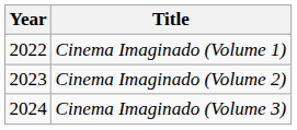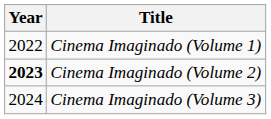 <table class="wikitable">
 <tr>
 <th>Year</th>
 <th>Title</th>
 </tr>
 <tr>
 <td>2022</td>
 <td><em>Cinema Imaginado (Volume 1)</em></td>
 </tr>
 <tr>
-<td>2023</td>
+<td><strong>2023</strong></td>
 <td><em>Cinema Imaginado (Volume 2)</em></td>
 </tr>
 <tr>
 <td>2024</td>
 <td><em>Cinema Imaginado (Volume 3)</em></td>
 </tr>
 </table>
